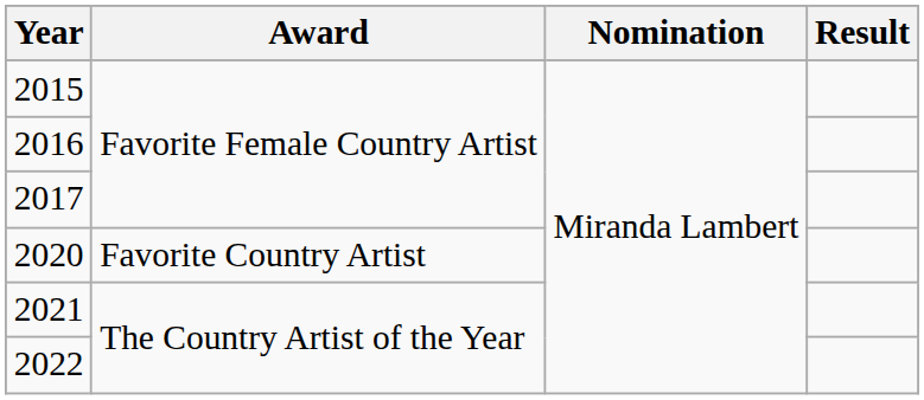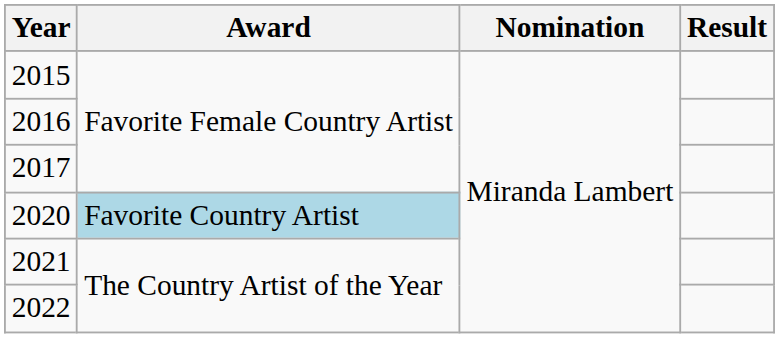 <table class="wikitable">
 <tr>
 <th>Year</th>
 <th>Award</th>
 <th>Nomination</th>
 <th>Result</th>
 </tr>
 <tr>
 <td rowspan="1">2015</td>
 <td rowspan="3">Favorite Female Country Artist</td>
 <td rowspan="6">Miranda Lambert</td>
 <td></td>
 </tr>
 <tr>
 <td>2016</td>
 <td></td>
 </tr>
 <tr>
 <td>2017</td>
 <td></td>
 </tr>
 <tr>
 <td>2020</td>
-<td>Favorite Country Artist</td>
+<td style="background: lightblue;">Favorite Country Artist</td>
 <td></td>
 </tr>
 <tr>
 <td>2021</td>
 <td rowspan="2">The Country Artist of the Year</td>
 <td></td>
 </tr>
 <tr>
 <td>2022</td>
 <td></td>
 </tr>
 </table>
